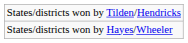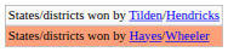 <table class="wikitable">
 <tr>
 <td>States/districts won by <a href='#'>Tilden</a>/<a href='#'>Hendricks</a></td>
 </tr>
 <tr>
-<td>States/districts won by <a href='#'>Hayes</a>/<a href='#'>Wheeler</a></td>
+<td style="background: lightsalmon;">States/districts won by <a href='#'>Hayes</a>/<a href='#'>Wheeler</a></td>
 </tr>
 </table>
